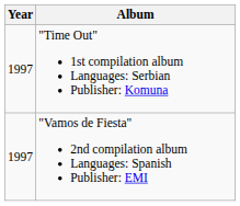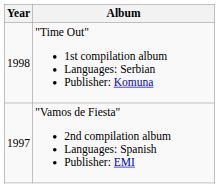 <table class="wikitable">
 <tr>
 <th width="18" rowspan="1">Year</th>
 <th width="245" rowspan="1">Album</th>
 </tr>
 <tr>
-<td>1997</td>
+<td>1998</td>
 <td>"Time Out"<br><ul><li>1st compilation album</li><li>Languages: Serbian</li><li>Publisher: <a href='#'>Komuna</a></li></ul></td>
 </tr>
 <tr>
 <td>1997</td>
 <td>"Vamos de Fiesta"<br><ul><li>2nd compilation album</li><li>Languages: Spanish</li><li>Publisher: <a href='#'>EMI</a></li></ul></td>
 </tr>
 </table>
